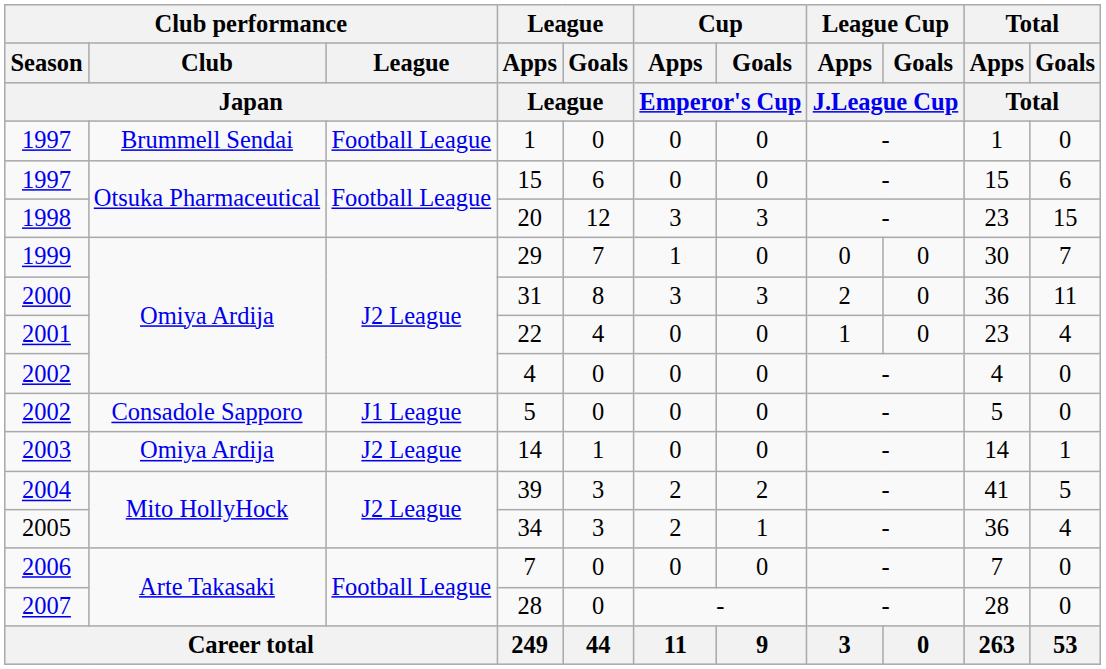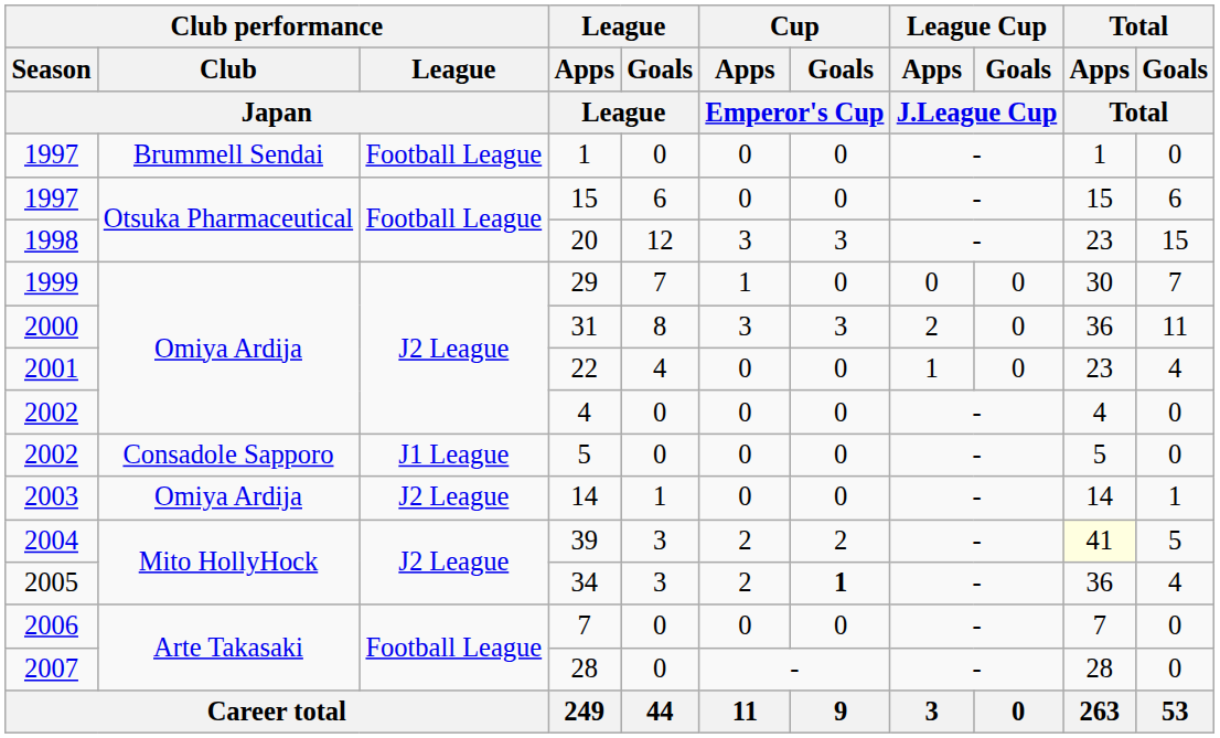 <table class="wikitable" style="text-align:center">
 <tr>
 <th colspan=3>Club performance</th>
 <th colspan=2>League</th>
 <th colspan=2>Cup</th>
 <th colspan=2>League Cup</th>
 <th colspan=2>Total</th>
 </tr>
 <tr>
 <th>Season</th>
 <th>Club</th>
 <th>League</th>
 <th>Apps</th>
 <th>Goals</th>
 <th>Apps</th>
 <th>Goals</th>
 <th>Apps</th>
 <th>Goals</th>
 <th>Apps</th>
 <th>Goals</th>
 </tr>
 <tr>
 <th colspan=3>Japan</th>
 <th colspan=2>League</th>
 <th colspan=2><a href='#'>Emperor's Cup</a></th>
 <th colspan=2><a href='#'>J.League Cup</a></th>
 <th colspan=2>Total</th>
 </tr>
 <tr>
 <td><a href='#'>1997</a></td>
 <td><a href='#'>Brummell Sendai</a></td>
 <td><a href='#'>Football League</a></td>
 <td>1</td>
 <td>0</td>
 <td>0</td>
 <td>0</td>
 <td colspan="2">-</td>
 <td>1</td>
 <td>0</td>
 </tr>
 <tr>
 <td><a href='#'>1997</a></td>
 <td rowspan="2"><a href='#'>Otsuka Pharmaceutical</a></td>
 <td rowspan="2"><a href='#'>Football League</a></td>
 <td>15</td>
 <td>6</td>
 <td>0</td>
 <td>0</td>
 <td colspan="2">-</td>
 <td>15</td>
 <td>6</td>
 </tr>
 <tr>
 <td><a href='#'>1998</a></td>
 <td>20</td>
 <td>12</td>
 <td>3</td>
 <td>3</td>
 <td colspan="2">-</td>
 <td>23</td>
 <td>15</td>
 </tr>
 <tr>
 <td><a href='#'>1999</a></td>
 <td rowspan="4"><a href='#'>Omiya Ardija</a></td>
 <td rowspan="4"><a href='#'>J2 League</a></td>
 <td>29</td>
 <td>7</td>
 <td>1</td>
 <td>0</td>
 <td>0</td>
 <td>0</td>
 <td>30</td>
 <td>7</td>
 </tr>
 <tr>
 <td><a href='#'>2000</a></td>
 <td>31</td>
 <td>8</td>
 <td>3</td>
 <td>3</td>
 <td>2</td>
 <td>0</td>
 <td>36</td>
 <td>11</td>
 </tr>
 <tr>
 <td><a href='#'>2001</a></td>
 <td>22</td>
 <td>4</td>
 <td>0</td>
 <td>0</td>
 <td>1</td>
 <td>0</td>
 <td>23</td>
 <td>4</td>
 </tr>
 <tr>
 <td><a href='#'>2002</a></td>
 <td>4</td>
 <td>0</td>
 <td>0</td>
 <td>0</td>
 <td colspan="2">-</td>
 <td>4</td>
 <td>0</td>
 </tr>
 <tr>
 <td><a href='#'>2002</a></td>
 <td><a href='#'>Consadole Sapporo</a></td>
 <td><a href='#'>J1 League</a></td>
 <td>5</td>
 <td>0</td>
 <td>0</td>
 <td>0</td>
 <td colspan="2">-</td>
 <td>5</td>
 <td>0</td>
 </tr>
 <tr>
 <td><a href='#'>2003</a></td>
 <td><a href='#'>Omiya Ardija</a></td>
 <td><a href='#'>J2 League</a></td>
 <td>14</td>
 <td>1</td>
 <td>0</td>
 <td>0</td>
 <td colspan="2">-</td>
 <td>14</td>
 <td>1</td>
 </tr>
 <tr>
 <td><a href='#'>2004</a></td>
 <td rowspan="2"><a href='#'>Mito HollyHock</a></td>
 <td rowspan="2"><a href='#'>J2 League</a></td>
 <td>39</td>
 <td>3</td>
 <td>2</td>
 <td>2</td>
 <td colspan="2">-</td>
-<td>41</td>
+<td style="background: lightyellow;">41</td>
 <td>5</td>
 </tr>
 <tr>
 <td>2005</td>
 <td>34</td>
 <td>3</td>
 <td>2</td>
-<td>1</td>
+<td><strong>1</strong></td>
 <td colspan="2">-</td>
 <td>36</td>
 <td>4</td>
 </tr>
 <tr>
 <td><a href='#'>2006</a></td>
 <td rowspan="2"><a href='#'>Arte Takasaki</a></td>
 <td rowspan="2"><a href='#'>Football League</a></td>
 <td>7</td>
 <td>0</td>
 <td>0</td>
 <td>0</td>
 <td colspan="2">-</td>
 <td>7</td>
 <td>0</td>
 </tr>
 <tr>
 <td><a href='#'>2007</a></td>
 <td>28</td>
 <td>0</td>
 <td colspan="2">-</td>
 <td colspan="2">-</td>
 <td>28</td>
 <td>0</td>
 </tr>
 <tr>
 <th colspan=3>Career total</th>
 <th>249</th>
 <th>44</th>
 <th>11</th>
 <th>9</th>
 <th>3</th>
 <th>0</th>
 <th>263</th>
 <th>53</th>
 </tr>
 </table>
